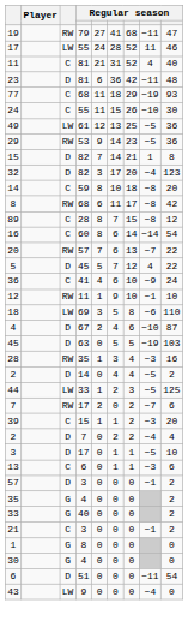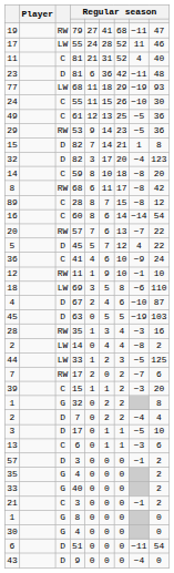 <table class="wikitable sortable plainrowheaders" style="text-align:center;">
 <tr>
 <th scope="col" data-sort-type="number" rowspan="2"></th>
 <th scope="col" rowspan="2">Player</th>
 <th scope="col" rowspan="2"></th>
 <th scope=colgroup colspan=6>Regular season</th>
 </tr>
 <tr>
 <th scope="col" data-sort-type="number"></th>
 <th scope="col" data-sort-type="number"></th>
 <th scope="col" data-sort-type="number"></th>
 <th scope="col" data-sort-type="number"></th>
 <th scope="col" data-sort-type="number"></th>
 <th scope="col" data-sort-type="number"></th>
 </tr>
 <tr>
 <td scope="row">19</td>
 <td align="left"></td>
 <td>RW</td>
 <td>79</td>
 <td>27</td>
 <td>41</td>
 <td>68</td>
 <td>−11</td>
 <td>47</td>
 </tr>
 <tr>
 <td scope="row">17</td>
 <td align="left"></td>
 <td>LW</td>
 <td>55</td>
 <td>24</td>
 <td>28</td>
 <td>52</td>
 <td>11</td>
 <td>46</td>
 </tr>
 <tr>
 <td scope="row">11</td>
 <td align="left"></td>
 <td>C</td>
 <td>81</td>
 <td>21</td>
 <td>31</td>
 <td>52</td>
 <td>4</td>
 <td>40</td>
 </tr>
 <tr>
 <td scope="row">23</td>
 <td align="left"></td>
 <td>D</td>
 <td>81</td>
 <td>6</td>
 <td>36</td>
 <td>42</td>
 <td>−11</td>
 <td>48</td>
 </tr>
 <tr>
 <td scope="row">77</td>
 <td align="left"></td>
-<td>C</td>
+<td>LW</td>
 <td>68</td>
 <td>11</td>
 <td>18</td>
 <td>29</td>
 <td>−19</td>
 <td>93</td>
 </tr>
 <tr>
 <td scope="row">24</td>
 <td align="left"></td>
 <td>C</td>
 <td>55</td>
 <td>11</td>
 <td>15</td>
 <td>26</td>
 <td>−10</td>
 <td>30</td>
 </tr>
 <tr>
 <td scope="row">49</td>
 <td align="left"></td>
-<td>LW</td>
+<td>C</td>
 <td>61</td>
 <td>12</td>
 <td>13</td>
 <td>25</td>
 <td>−5</td>
 <td>36</td>
 </tr>
 <tr>
 <td scope="row">29</td>
 <td align="left"></td>
 <td>RW</td>
 <td>53</td>
 <td>9</td>
 <td>14</td>
 <td>23</td>
 <td>−5</td>
 <td>36</td>
 </tr>
 <tr>
 <td scope="row">15</td>
 <td align="left"></td>
 <td>D</td>
 <td>82</td>
 <td>7</td>
 <td>14</td>
 <td>21</td>
 <td>1</td>
 <td>8</td>
 </tr>
 <tr>
 <td scope="row">32</td>
 <td align="left"></td>
 <td>D</td>
 <td>82</td>
 <td>3</td>
 <td>17</td>
 <td>20</td>
 <td>−4</td>
 <td>123</td>
 </tr>
 <tr>
 <td scope="row">14</td>
 <td align="left"></td>
 <td>C</td>
 <td>59</td>
 <td>8</td>
 <td>10</td>
 <td>18</td>
 <td>−8</td>
 <td>20</td>
 </tr>
 <tr>
 <td scope="row">8</td>
 <td align="left"></td>
 <td>RW</td>
 <td>68</td>
 <td>6</td>
 <td>11</td>
 <td>17</td>
 <td>−8</td>
 <td>42</td>
 </tr>
 <tr>
 <td scope="row">89</td>
 <td align="left"></td>
 <td>C</td>
 <td>28</td>
 <td>8</td>
 <td>7</td>
 <td>15</td>
 <td>−8</td>
 <td>12</td>
 </tr>
 <tr>
 <td scope="row">16</td>
 <td align="left"></td>
 <td>C</td>
 <td>60</td>
 <td>8</td>
 <td>6</td>
 <td>14</td>
 <td>−14</td>
 <td>54</td>
 </tr>
 <tr>
 <td scope="row">20</td>
 <td align="left"></td>
 <td>RW</td>
 <td>57</td>
 <td>7</td>
 <td>6</td>
 <td>13</td>
 <td>−7</td>
 <td>22</td>
 </tr>
 <tr>
 <td scope="row">5</td>
 <td align="left"></td>
 <td>D</td>
 <td>45</td>
 <td>5</td>
 <td>7</td>
 <td>12</td>
 <td>4</td>
 <td>22</td>
 </tr>
 <tr>
 <td scope="row">36</td>
 <td align="left"></td>
 <td>C</td>
 <td>41</td>
 <td>4</td>
 <td>6</td>
 <td>10</td>
 <td>−9</td>
 <td>24</td>
 </tr>
 <tr>
 <td scope="row">12</td>
 <td align="left"></td>
 <td>RW</td>
 <td>11</td>
 <td>1</td>
 <td>9</td>
 <td>10</td>
 <td>−1</td>
 <td>10</td>
 </tr>
 <tr>
 <td scope="row">18</td>
 <td align="left"></td>
 <td>LW</td>
 <td>69</td>
 <td>3</td>
 <td>5</td>
 <td>8</td>
 <td>−6</td>
 <td>110</td>
 </tr>
 <tr>
 <td scope="row">4</td>
 <td align="left"></td>
 <td>D</td>
 <td>67</td>
 <td>2</td>
 <td>4</td>
 <td>6</td>
 <td>−10</td>
 <td>87</td>
 </tr>
 <tr>
 <td scope="row">45</td>
 <td align="left"></td>
 <td>D</td>
 <td>63</td>
 <td>0</td>
 <td>5</td>
 <td>5</td>
 <td>−19</td>
 <td>103</td>
 </tr>
 <tr>
 <td scope="row">28</td>
 <td align="left"></td>
 <td>RW</td>
 <td>35</td>
 <td>1</td>
 <td>3</td>
 <td>4</td>
 <td>−3</td>
 <td>16</td>
 </tr>
 <tr>
 <td scope="row">2</td>
 <td align="left"></td>
-<td>D</td>
+<td>LW</td>
 <td>14</td>
 <td>0</td>
 <td>4</td>
 <td>4</td>
-<td>−5</td>
+<td>−8</td>
 <td>2</td>
 </tr>
 <tr>
 <td scope="row">44</td>
 <td align="left"></td>
 <td>LW</td>
 <td>33</td>
 <td>1</td>
 <td>2</td>
 <td>3</td>
 <td>−5</td>
 <td>125</td>
 </tr>
 <tr>
 <td scope="row">7</td>
 <td align="left"></td>
 <td>RW</td>
 <td>17</td>
 <td>2</td>
 <td>0</td>
 <td>2</td>
 <td>−7</td>
 <td>6</td>
 </tr>
 <tr>
 <td scope="row">39</td>
 <td align="left"></td>
 <td>C</td>
 <td>15</td>
 <td>1</td>
 <td>1</td>
 <td>2</td>
 <td>−3</td>
 <td>20</td>
+</tr>
+<tr>
+<td scope="row">1</td>
+<td align="left"></td>
+<td>G</td>
+<td>32</td>
+<td>0</td>
+<td>2</td>
+<td>2</td>
+<td style="background:#ccc"></td>
+<td>8</td>
 </tr>
 <tr>
 <td scope="row">2</td>
 <td align="left"></td>
 <td>D</td>
 <td>7</td>
 <td>0</td>
 <td>2</td>
 <td>2</td>
 <td>−4</td>
 <td>4</td>
 </tr>
 <tr>
 <td scope="row">3</td>
 <td align="left"></td>
 <td>D</td>
 <td>17</td>
 <td>0</td>
 <td>1</td>
 <td>1</td>
 <td>−5</td>
 <td>10</td>
 </tr>
 <tr>
 <td scope="row">13</td>
 <td align="left"></td>
 <td>C</td>
 <td>6</td>
 <td>0</td>
 <td>1</td>
 <td>1</td>
 <td>−3</td>
 <td>6</td>
 </tr>
 <tr>
 <td scope="row">57</td>
 <td align="left"></td>
 <td>D</td>
 <td>3</td>
 <td>0</td>
 <td>0</td>
 <td>0</td>
 <td>−1</td>
 <td>2</td>
 </tr>
 <tr>
 <td scope="row">35</td>
 <td align="left"></td>
 <td>G</td>
 <td>4</td>
 <td>0</td>
 <td>0</td>
 <td>0</td>
 <td style="background:#ccc"></td>
 <td>2</td>
 </tr>
 <tr>
 <td scope="row">33</td>
 <td align="left"></td>
 <td>G</td>
 <td>40</td>
 <td>0</td>
 <td>0</td>
 <td>0</td>
 <td style="background:#ccc"></td>
 <td>2</td>
 </tr>
 <tr>
 <td scope="row">21</td>
 <td align="left"></td>
 <td>C</td>
 <td>3</td>
 <td>0</td>
 <td>0</td>
 <td>0</td>
 <td>−1</td>
 <td>2</td>
 </tr>
 <tr>
 <td scope="row">1</td>
 <td align="left"></td>
 <td>G</td>
 <td>8</td>
 <td>0</td>
 <td>0</td>
 <td>0</td>
 <td style="background:#ccc"></td>
 <td>0</td>
 </tr>
 <tr>
 <td scope="row">30</td>
 <td align="left"></td>
 <td>G</td>
 <td>4</td>
 <td>0</td>
 <td>0</td>
 <td>0</td>
 <td style="background:#ccc"></td>
 <td>0</td>
 </tr>
 <tr>
 <td scope="row">6</td>
 <td align="left"></td>
 <td>D</td>
 <td>51</td>
 <td>0</td>
 <td>0</td>
 <td>0</td>
 <td>−11</td>
 <td>54</td>
 </tr>
 <tr>
 <td scope="row">43</td>
 <td align="left"></td>
-<td>LW</td>
+<td>D</td>
 <td>9</td>
 <td>0</td>
 <td>0</td>
 <td>0</td>
 <td>−4</td>
 <td>0</td>
 </tr>
 </table>
